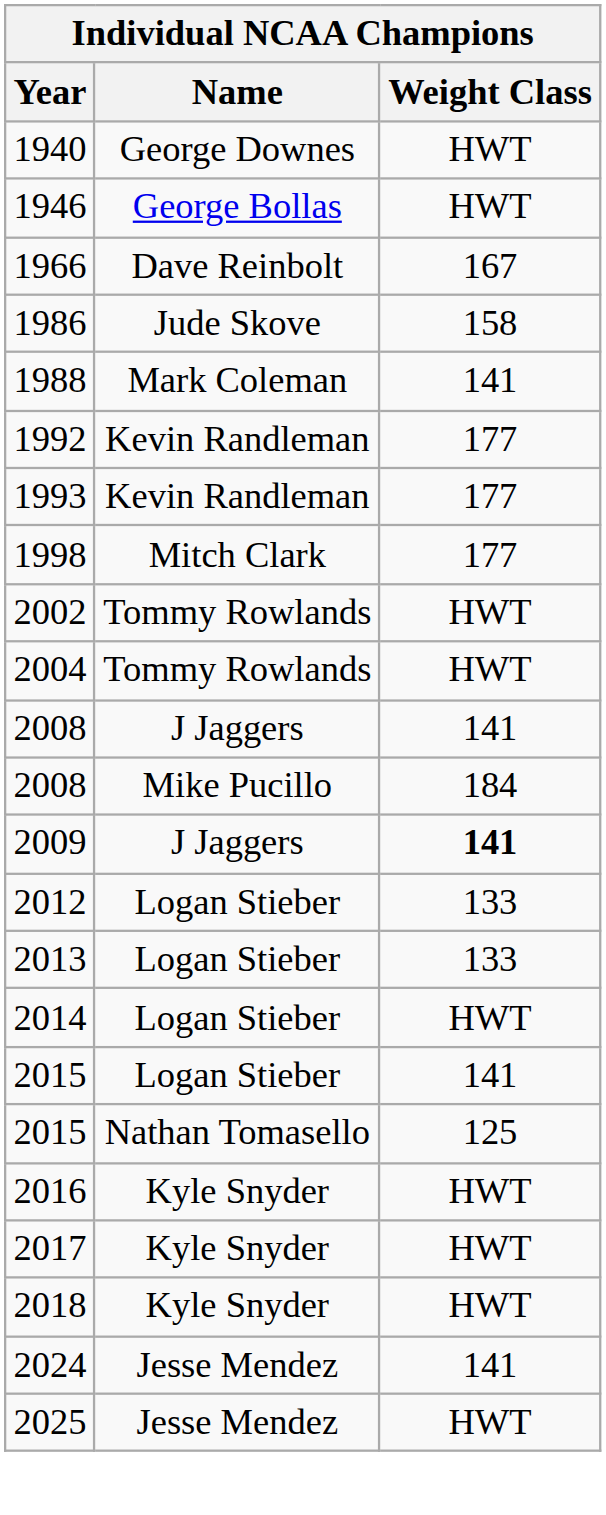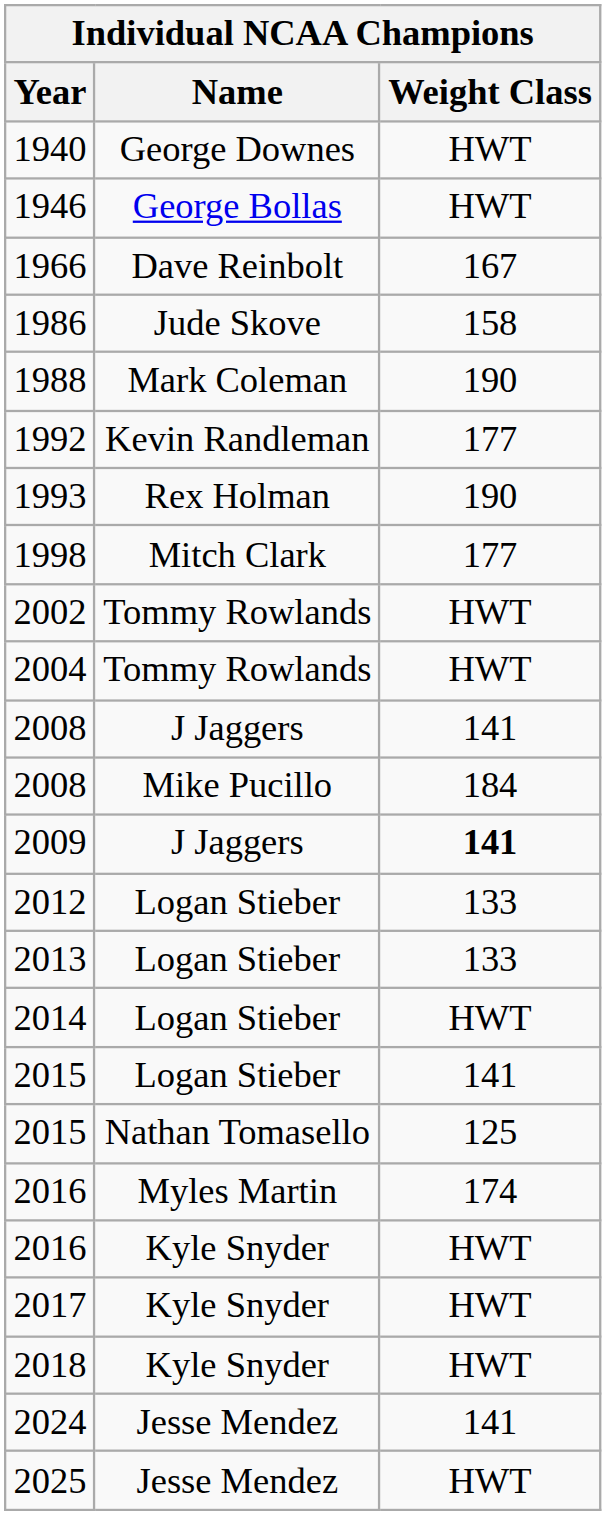 <table class="wikitable">
 <tr>
 <th colspan="3">Individual NCAA Champions</th>
 </tr>
 <tr>
 <th scope="col">Year</th>
 <th scope="col">Name</th>
 <th scope="col">Weight Class</th>
 </tr>
 <tr>
 <td>1940</td>
 <td style="text-align: center;">George Downes</td>
 <td style="text-align: center;">HWT</td>
 </tr>
 <tr>
 <td>1946</td>
 <td style="text-align: center;"><a href='#'>George Bollas</a></td>
 <td style="text-align: center;">HWT</td>
 </tr>
 <tr>
 <td>1966</td>
 <td style="text-align: center;">Dave Reinbolt</td>
 <td style="text-align: center;">167</td>
 </tr>
 <tr>
 <td>1986</td>
 <td style="text-align: center;">Jude Skove</td>
 <td style="text-align: center;">158</td>
 </tr>
 <tr>
 <td>1988</td>
 <td style="text-align: center;">Mark Coleman</td>
-<td style="text-align: center;">141</td>
+<td style="text-align: center;">190</td>
 </tr>
 <tr>
 <td>1992</td>
 <td style="text-align: center;">Kevin Randleman</td>
 <td style="text-align: center;">177</td>
 </tr>
 <tr>
 <td>1993</td>
-<td style="text-align: center;">Kevin Randleman</td>
-<td style="text-align: center;">177</td>
+<td style="text-align: center;">Rex Holman</td>
+<td style="text-align: center;">190</td>
 </tr>
 <tr>
 <td>1998</td>
 <td style="text-align: center;">Mitch Clark</td>
 <td style="text-align: center;">177</td>
 </tr>
 <tr>
 <td>2002</td>
 <td style="text-align: center;">Tommy Rowlands</td>
 <td style="text-align: center;">HWT</td>
 </tr>
 <tr>
 <td>2004</td>
 <td style="text-align: center;">Tommy Rowlands</td>
 <td style="text-align: center;">HWT</td>
 </tr>
 <tr>
 <td>2008</td>
 <td style="text-align: center;">J Jaggers</td>
 <td style="text-align: center;">141</td>
 </tr>
 <tr>
 <td>2008</td>
 <td style="text-align: center;">Mike Pucillo</td>
 <td style="text-align: center;">184</td>
 </tr>
 <tr>
 <td>2009</td>
 <td style="text-align: center;">J Jaggers</td>
 <td style="text-align: center;"><strong>141</strong></td>
 </tr>
 <tr>
 <td>2012</td>
 <td style="text-align: center;">Logan Stieber</td>
 <td style="text-align: center;">133</td>
 </tr>
 <tr>
 <td>2013</td>
 <td style="text-align: center;">Logan Stieber</td>
 <td style="text-align: center;">133</td>
 </tr>
 <tr>
 <td>2014</td>
 <td style="text-align: center;">Logan Stieber</td>
 <td style="text-align: center;">HWT</td>
 </tr>
 <tr>
 <td>2015</td>
 <td style="text-align: center;">Logan Stieber</td>
 <td style="text-align: center;">141</td>
 </tr>
 <tr>
 <td>2015</td>
 <td style="text-align: center;">Nathan Tomasello</td>
 <td style="text-align: center;">125</td>
 </tr>
 <tr>
 <td>2016</td>
+<td style="text-align: center;">Myles Martin</td>
+<td style="text-align: center;">174</td>
+</tr>
+<tr>
+<td>2016</td>
 <td style="text-align: center;">Kyle Snyder</td>
 <td style="text-align: center;">HWT</td>
 </tr>
 <tr>
 <td>2017</td>
 <td style="text-align: center;">Kyle Snyder</td>
 <td style="text-align: center;">HWT</td>
 </tr>
 <tr>
 <td>2018</td>
 <td style="text-align: center;">Kyle Snyder</td>
 <td style="text-align: center;">HWT</td>
 </tr>
 <tr>
 <td>2024</td>
 <td style="text-align: center;">Jesse Mendez</td>
 <td style="text-align: center;">141</td>
 </tr>
 <tr>
 <td>2025</td>
 <td style="text-align: center;">Jesse Mendez</td>
 <td style="text-align: center;">HWT</td>
 </tr>
 </table>
